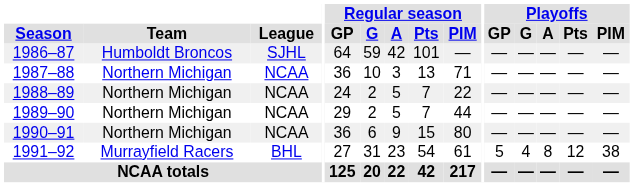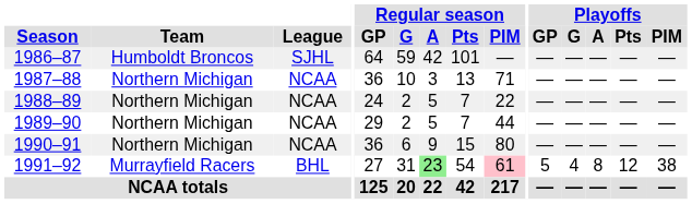 <table border="0" cellpadding="1" cellspacing="0" style="text-align:center; width:50%">
 <tr bgcolor="#e0e0e0">
 <th colspan="3" bgcolor="#ffffff"></th>
 <th rowspan="99" bgcolor="#ffffff"></th>
 <th colspan="5"><a href='#'>Regular season</a></th>
 <th rowspan="99" bgcolor="#ffffff"></th>
 <th colspan="5"><a href='#'>Playoffs</a></th>
 </tr>
 <tr bgcolor="#e0e0e0">
 <th><a href='#'>Season</a></th>
 <th>Team</th>
 <th>League</th>
 <th>GP</th>
 <th><a href='#'>G</a></th>
 <th><a href='#'>A</a></th>
 <th><a href='#'>Pts</a></th>
 <th><a href='#'>PIM</a></th>
 <th>GP</th>
 <th>G</th>
 <th>A</th>
 <th>Pts</th>
 <th>PIM</th>
 </tr>
 <tr ALIGN="center" bgcolor="#f0f0f0">
 <td><a href='#'>1986–87</a></td>
 <td><a href='#'>Humboldt Broncos</a></td>
 <td><a href='#'>SJHL</a></td>
 <td>64</td>
 <td>59</td>
 <td>42</td>
 <td>101</td>
 <td>—</td>
 <td>—</td>
 <td>—</td>
 <td>—</td>
 <td>—</td>
 <td>—</td>
 </tr>
 <tr ALIGN="center">
 <td><a href='#'>1987–88</a></td>
 <td><a href='#'>Northern Michigan</a></td>
 <td><a href='#'>NCAA</a></td>
 <td>36</td>
 <td>10</td>
 <td>3</td>
 <td>13</td>
 <td>71</td>
 <td>—</td>
 <td>—</td>
 <td>—</td>
 <td>—</td>
 <td>—</td>
 </tr>
 <tr ALIGN="center" bgcolor="#f0f0f0">
 <td><a href='#'>1988–89</a></td>
 <td>Northern Michigan</td>
 <td>NCAA</td>
 <td>24</td>
 <td>2</td>
 <td>5</td>
 <td>7</td>
 <td>22</td>
 <td>—</td>
 <td>—</td>
 <td>—</td>
 <td>—</td>
 <td>—</td>
 </tr>
 <tr ALIGN="center">
 <td><a href='#'>1989–90</a></td>
 <td>Northern Michigan</td>
 <td>NCAA</td>
 <td>29</td>
 <td>2</td>
 <td>5</td>
 <td>7</td>
 <td>44</td>
 <td>—</td>
 <td>—</td>
 <td>—</td>
 <td>—</td>
 <td>—</td>
 </tr>
 <tr ALIGN="center" bgcolor="#f0f0f0">
 <td><a href='#'>1990–91</a></td>
 <td>Northern Michigan</td>
 <td>NCAA</td>
 <td>36</td>
 <td>6</td>
 <td>9</td>
 <td>15</td>
 <td>80</td>
 <td>—</td>
 <td>—</td>
 <td>—</td>
 <td>—</td>
 <td>—</td>
 </tr>
 <tr ALIGN="center">
 <td><a href='#'>1991–92</a></td>
 <td><a href='#'>Murrayfield Racers</a></td>
 <td><a href='#'>BHL</a></td>
 <td>27</td>
 <td>31</td>
-<td>23</td>
+<td style="background: lightgreen;">23</td>
 <td>54</td>
-<td>61</td>
+<td style="background: pink;">61</td>
 <td>5</td>
 <td>4</td>
 <td>8</td>
 <td>12</td>
 <td>38</td>
 </tr>
 <tr bgcolor="#e0e0e0">
 <th colspan="3">NCAA totals</th>
 <th>125</th>
 <th>20</th>
 <th>22</th>
 <th>42</th>
 <th>217</th>
 <th>—</th>
 <th>—</th>
 <th>—</th>
 <th>—</th>
 <th>—</th>
 </tr>
 </table>
